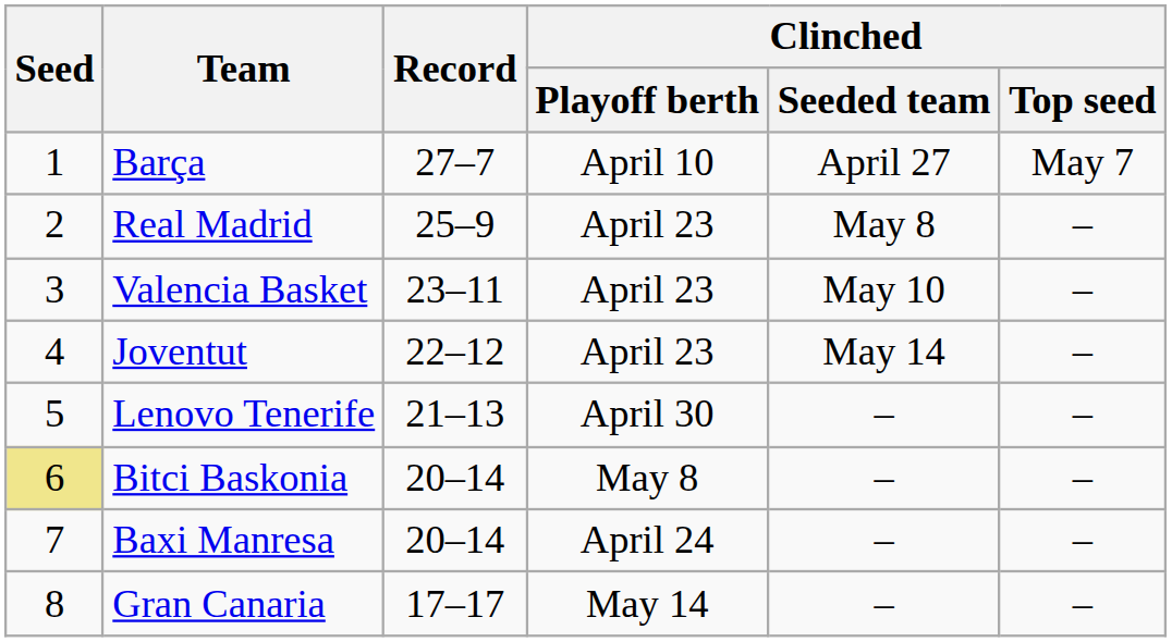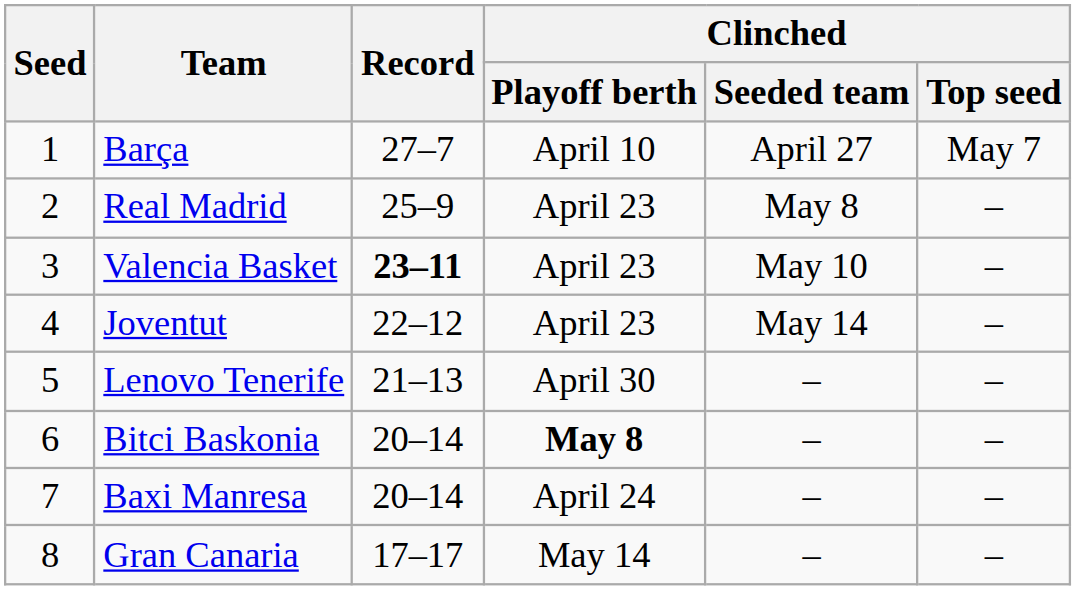 <table class="wikitable" style="text-align:center">
 <tr>
 <th rowspan="2">Seed</th>
 <th rowspan="2">Team</th>
 <th rowspan="2">Record</th>
 <th colspan="3">Clinched</th>
 </tr>
 <tr>
 <th>Playoff berth</th>
 <th>Seeded team</th>
 <th>Top seed</th>
 </tr>
 <tr>
 <td>1</td>
 <td style="text-align:left;"><a href='#'>Barça</a></td>
 <td>27–7</td>
 <td>April 10</td>
 <td>April 27</td>
 <td>May 7</td>
 </tr>
 <tr>
 <td>2</td>
 <td style="text-align:left;"><a href='#'>Real Madrid</a></td>
 <td>25–9</td>
 <td>April 23</td>
 <td>May 8</td>
 <td>–</td>
 </tr>
 <tr>
 <td>3</td>
 <td style="text-align:left;"><a href='#'>Valencia Basket</a></td>
-<td>23–11</td>
+<td><strong>23–11</strong></td>
 <td>April 23</td>
 <td>May 10</td>
 <td>–</td>
 </tr>
 <tr>
 <td>4</td>
 <td style="text-align:left;"><a href='#'>Joventut</a></td>
 <td>22–12</td>
 <td>April 23</td>
 <td>May 14</td>
 <td>–</td>
 </tr>
 <tr>
 <td>5</td>
 <td style="text-align:left;"><a href='#'>Lenovo Tenerife</a></td>
 <td>21–13</td>
 <td>April 30</td>
 <td>–</td>
 <td>–</td>
 </tr>
 <tr>
-<td style="background: khaki;">6</td>
+<td>6</td>
 <td style="text-align:left;"><a href='#'>Bitci Baskonia</a></td>
 <td>20–14</td>
-<td>May 8</td>
+<td><strong>May 8</strong></td>
 <td>–</td>
 <td>–</td>
 </tr>
 <tr>
 <td>7</td>
 <td style="text-align:left;"><a href='#'>Baxi Manresa</a></td>
 <td>20–14</td>
 <td>April 24</td>
 <td>–</td>
 <td>–</td>
 </tr>
 <tr>
 <td>8</td>
 <td style="text-align:left;"><a href='#'>Gran Canaria</a></td>
 <td>17–17</td>
 <td>May 14</td>
 <td>–</td>
 <td>–</td>
 </tr>
 </table>
